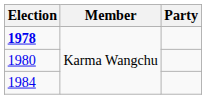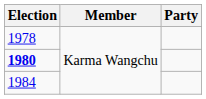 <table class="wikitable sortable">
 <tr>
 <th>Election</th>
 <th>Member</th>
 <th colspan=2>Party</th>
 </tr>
 <tr>
-<td><strong><a href='#'>1978</a></strong></td>
+<td><a href='#'>1978</a></td>
 <td rowspan=3>Karma Wangchu</td>
 <td></td>
 </tr>
 <tr>
-<td><a href='#'>1980</a></td>
+<td><strong><a href='#'>1980</a></strong></td>
 <td></td>
 </tr>
 <tr>
 <td><a href='#'>1984</a></td>
 <td></td>
 </tr>
 </table>
